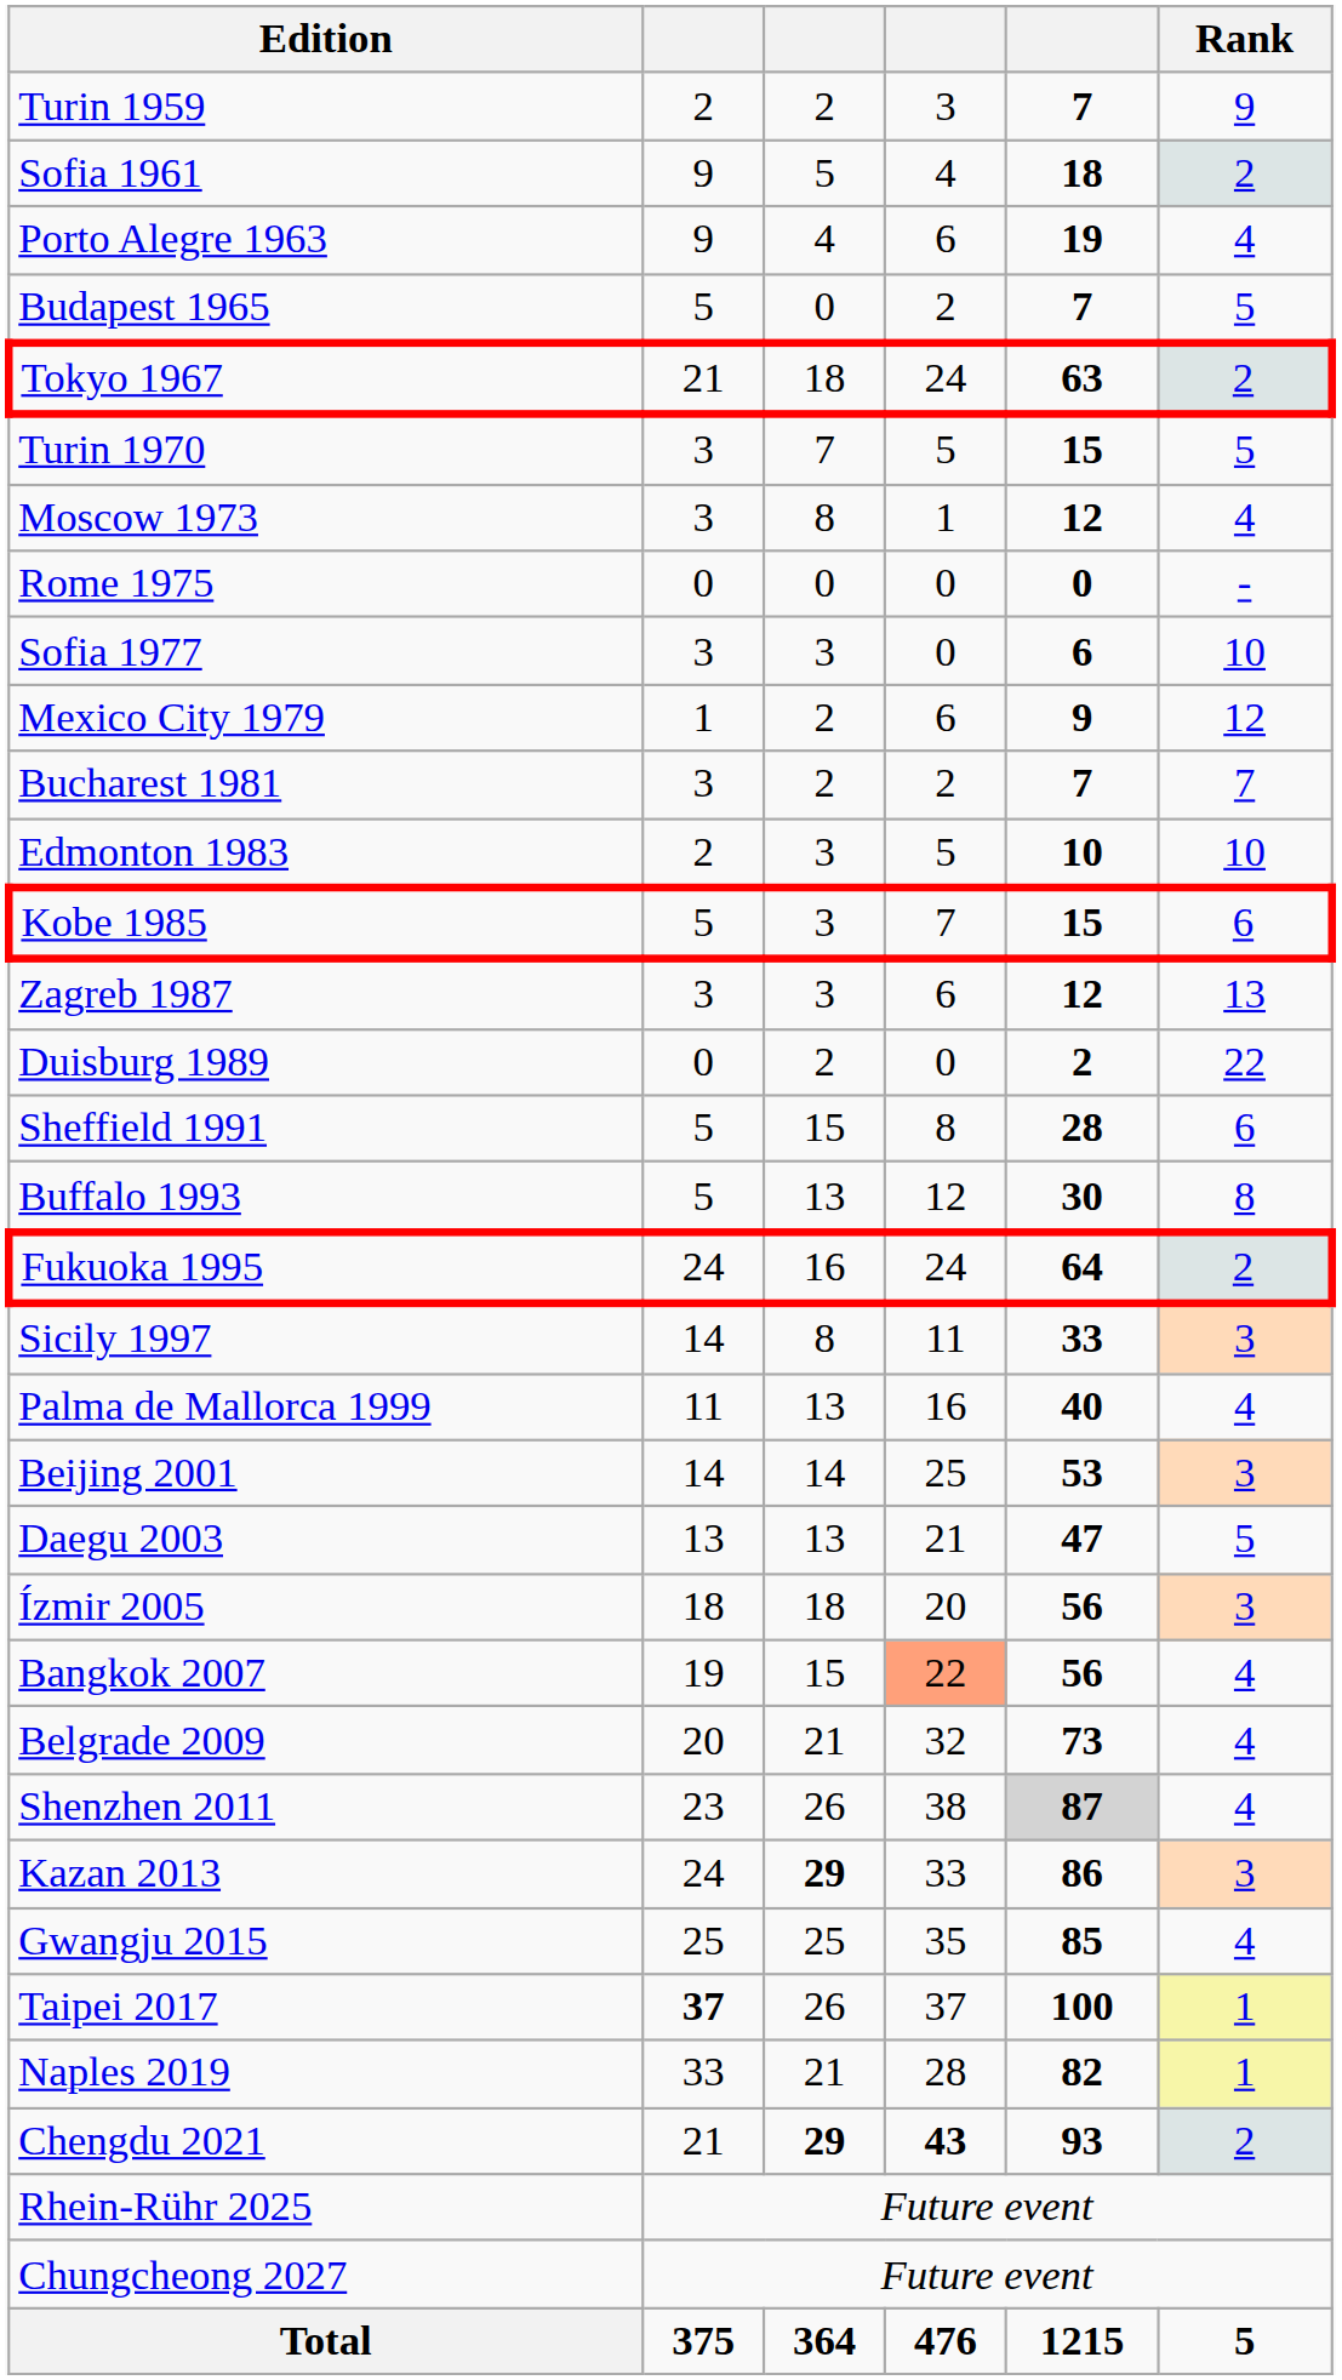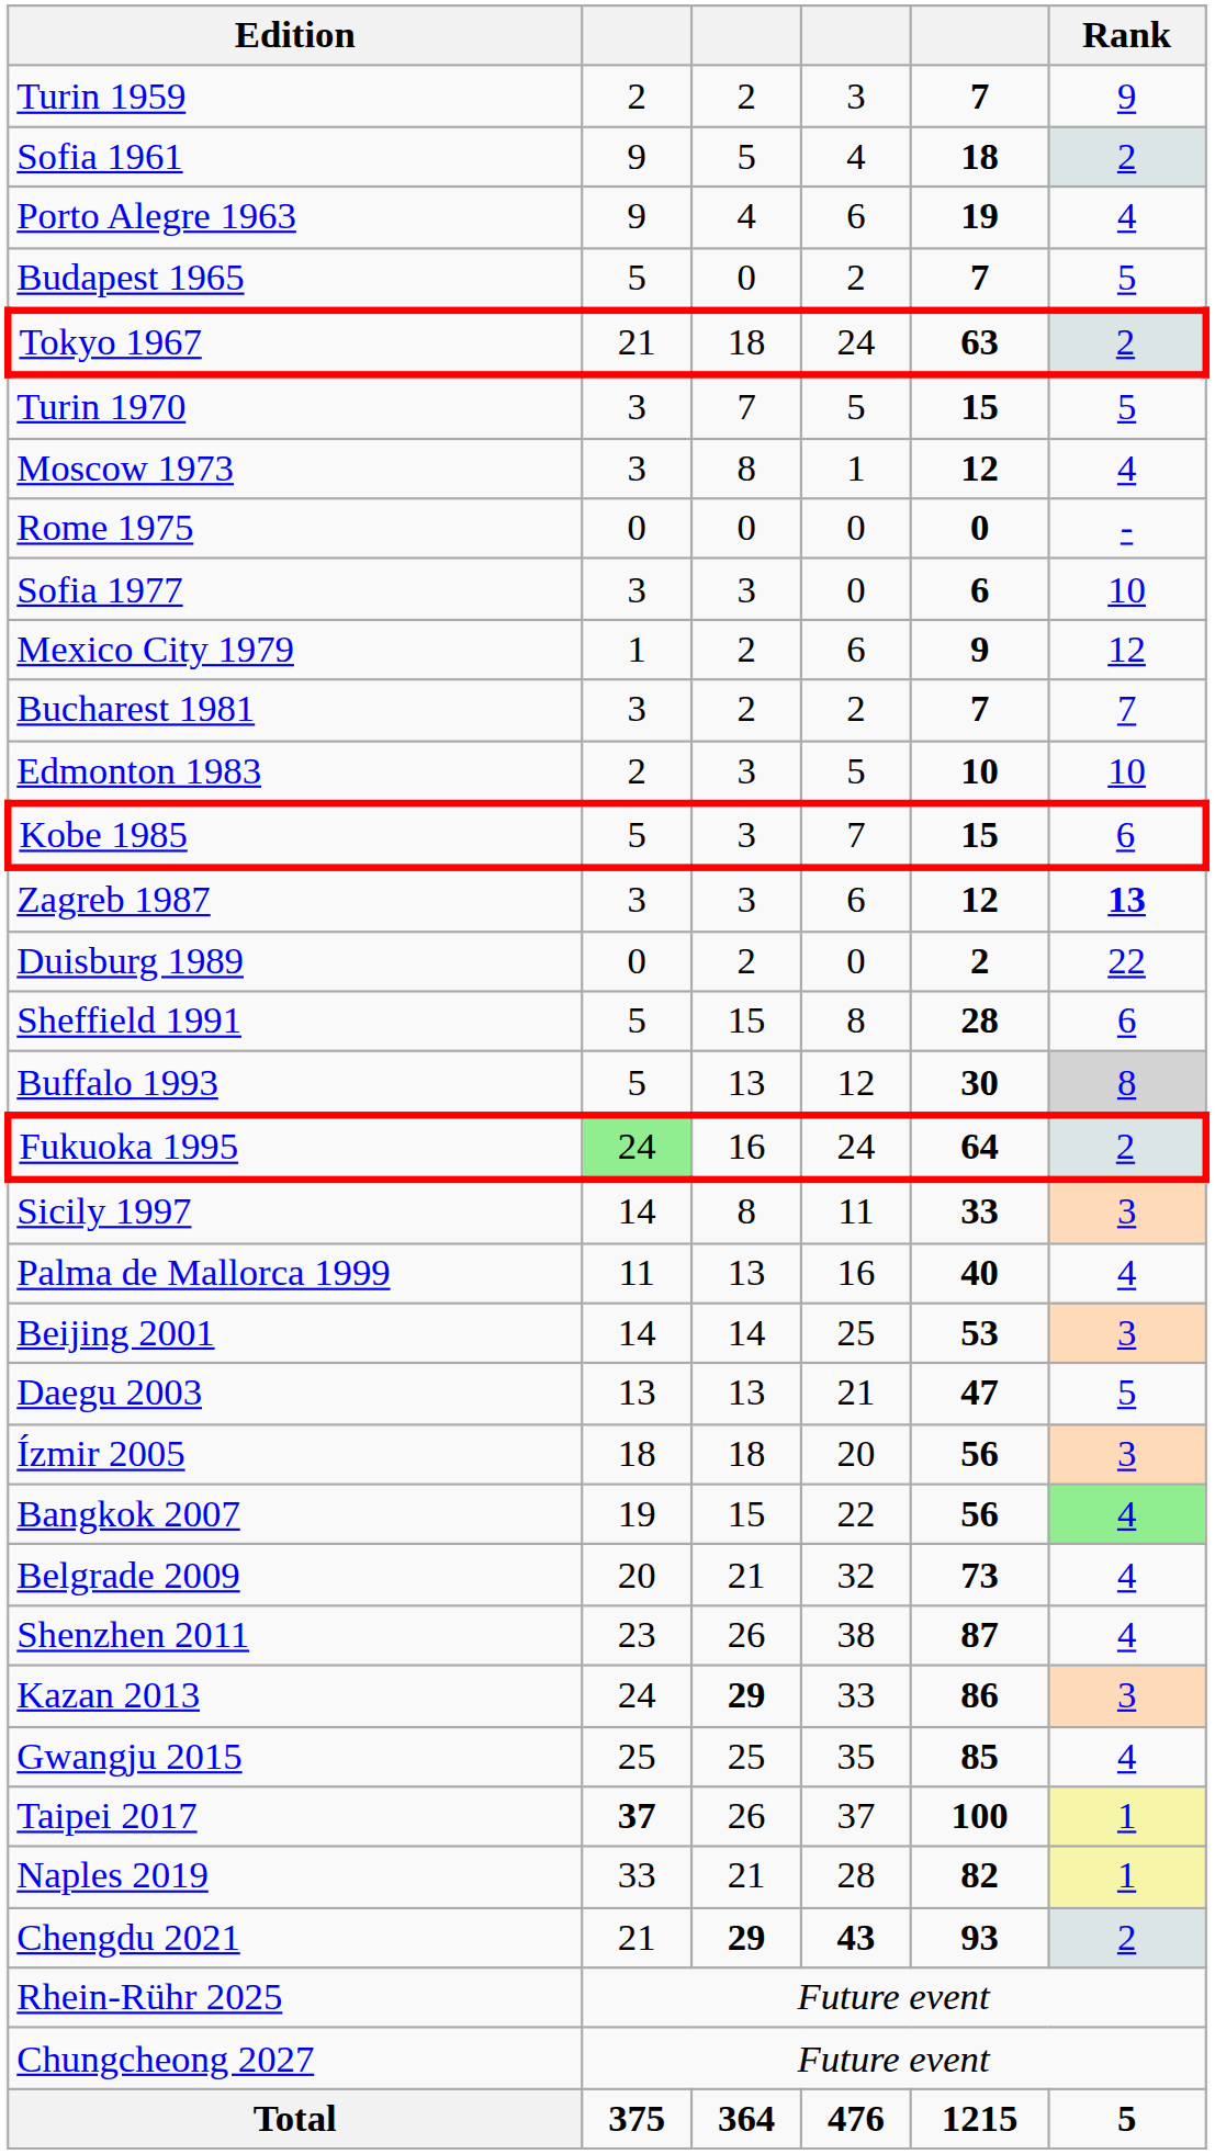 <table class="wikitable" width="40%" style="font-size:100%; text-align:center;">
 <tr>
 <th>Edition</th>
 <th></th>
 <th></th>
 <th></th>
 <th></th>
 <th>Rank</th>
 </tr>
 <tr>
 <td align="left"> <a href='#'>Turin 1959</a></td>
 <td>2</td>
 <td>2</td>
 <td>3</td>
 <td><strong>7</strong></td>
 <td><a href='#'>9</a></td>
 </tr>
 <tr>
 <td align="left"> <a href='#'>Sofia 1961</a></td>
 <td>9</td>
 <td>5</td>
 <td>4</td>
 <td><strong>18</strong></td>
 <td bgcolor=dce5e5><a href='#'>2</a></td>
 </tr>
 <tr>
 <td align="left"> <a href='#'>Porto Alegre 1963</a></td>
 <td>9</td>
 <td>4</td>
 <td>6</td>
 <td><strong>19</strong></td>
 <td><a href='#'>4</a></td>
 </tr>
 <tr>
 <td align="left"> <a href='#'>Budapest 1965</a></td>
 <td>5</td>
 <td>0</td>
 <td>2</td>
 <td><strong>7</strong></td>
 <td><a href='#'>5</a></td>
 </tr>
 <tr style="border: 3px solid red">
 <td align="left"> <a href='#'>Tokyo 1967</a></td>
 <td>21</td>
 <td>18</td>
 <td>24</td>
 <td><strong>63</strong></td>
 <td bgcolor=dce5e5><a href='#'>2</a></td>
 </tr>
 <tr>
 <td align="left"> <a href='#'>Turin 1970</a></td>
 <td>3</td>
 <td>7</td>
 <td>5</td>
 <td><strong>15</strong></td>
 <td><a href='#'>5</a></td>
 </tr>
 <tr>
 <td align="left"> <a href='#'>Moscow 1973</a></td>
 <td>3</td>
 <td>8</td>
 <td>1</td>
 <td><strong>12</strong></td>
 <td><a href='#'>4</a></td>
 </tr>
 <tr>
 <td align="left"> <a href='#'>Rome 1975</a></td>
 <td>0</td>
 <td>0</td>
 <td>0</td>
 <td><strong>0</strong></td>
 <td><a href='#'>-</a></td>
 </tr>
 <tr>
 <td align="left"> <a href='#'>Sofia 1977</a></td>
 <td>3</td>
 <td>3</td>
 <td>0</td>
 <td><strong>6</strong></td>
 <td><a href='#'>10</a></td>
 </tr>
 <tr>
 <td align="left"> <a href='#'>Mexico City 1979</a></td>
 <td>1</td>
 <td>2</td>
 <td>6</td>
 <td><strong>9</strong></td>
 <td><a href='#'>12</a></td>
 </tr>
 <tr>
 <td align="left"> <a href='#'>Bucharest 1981</a></td>
 <td>3</td>
 <td>2</td>
 <td>2</td>
 <td><strong>7</strong></td>
 <td><a href='#'>7</a></td>
 </tr>
 <tr>
 <td align="left"> <a href='#'>Edmonton 1983</a></td>
 <td>2</td>
 <td>3</td>
 <td>5</td>
 <td><strong>10</strong></td>
 <td><a href='#'>10</a></td>
 </tr>
 <tr style="border: 3px solid red">
 <td align="left"> <a href='#'>Kobe 1985</a></td>
 <td>5</td>
 <td>3</td>
 <td>7</td>
 <td><strong>15</strong></td>
 <td><a href='#'>6</a></td>
 </tr>
 <tr>
 <td align="left"> <a href='#'>Zagreb 1987</a></td>
 <td>3</td>
 <td>3</td>
 <td>6</td>
 <td><strong>12</strong></td>
-<td><a href='#'>13</a></td>
+<td><strong><a href='#'>13</a></strong></td>
 </tr>
 <tr>
 <td align="left"> <a href='#'>Duisburg 1989</a></td>
 <td>0</td>
 <td>2</td>
 <td>0</td>
 <td><strong>2</strong></td>
 <td><a href='#'>22</a></td>
 </tr>
 <tr>
 <td align="left"> <a href='#'>Sheffield 1991</a></td>
 <td>5</td>
 <td>15</td>
 <td>8</td>
 <td><strong>28</strong></td>
 <td><a href='#'>6</a></td>
 </tr>
 <tr>
 <td align="left"> <a href='#'>Buffalo 1993</a></td>
 <td>5</td>
 <td>13</td>
 <td>12</td>
 <td><strong>30</strong></td>
-<td><a href='#'>8</a></td>
+<td style="background: lightgrey;"><a href='#'>8</a></td>
 </tr>
 <tr style="border: 3px solid red">
 <td align="left"> <a href='#'>Fukuoka 1995</a></td>
-<td>24</td>
+<td style="background: lightgreen;">24</td>
 <td>16</td>
 <td>24</td>
 <td><strong>64</strong></td>
 <td bgcolor=dce5e5><a href='#'>2</a></td>
 </tr>
 <tr>
 <td align="left"> <a href='#'>Sicily 1997</a></td>
 <td>14</td>
 <td>8</td>
 <td>11</td>
 <td><strong>33</strong></td>
 <td bgcolor=ffdab9><a href='#'>3</a></td>
 </tr>
 <tr>
 <td align="left"> <a href='#'>Palma de Mallorca 1999</a></td>
 <td>11</td>
 <td>13</td>
 <td>16</td>
 <td><strong>40</strong></td>
 <td><a href='#'>4</a></td>
 </tr>
 <tr>
 <td align="left"> <a href='#'>Beijing 2001</a></td>
 <td>14</td>
 <td>14</td>
 <td>25</td>
 <td><strong>53</strong></td>
 <td bgcolor=ffdab9><a href='#'>3</a></td>
 </tr>
 <tr>
 <td align="left"> <a href='#'>Daegu 2003</a></td>
 <td>13</td>
 <td>13</td>
 <td>21</td>
 <td><strong>47</strong></td>
 <td><a href='#'>5</a></td>
 </tr>
 <tr>
 <td align="left"> <a href='#'>Ízmir 2005</a></td>
 <td>18</td>
 <td>18</td>
 <td>20</td>
 <td><strong>56</strong></td>
 <td bgcolor=ffdab9><a href='#'>3</a></td>
 </tr>
 <tr>
 <td align="left"> <a href='#'>Bangkok 2007</a></td>
 <td>19</td>
 <td>15</td>
-<td style="background: lightsalmon;">22</td>
+<td>22</td>
 <td><strong>56</strong></td>
-<td><a href='#'>4</a></td>
+<td style="background: lightgreen;"><a href='#'>4</a></td>
 </tr>
 <tr>
 <td align="left"> <a href='#'>Belgrade 2009</a></td>
 <td>20</td>
 <td>21</td>
 <td>32</td>
 <td><strong>73</strong></td>
 <td><a href='#'>4</a></td>
 </tr>
 <tr>
 <td align="left"> <a href='#'>Shenzhen 2011</a></td>
 <td>23</td>
 <td>26</td>
 <td>38</td>
-<td style="background: lightgrey;"><strong>87</strong></td>
+<td><strong>87</strong></td>
 <td><a href='#'>4</a></td>
 </tr>
 <tr>
 <td align="left"> <a href='#'>Kazan 2013</a></td>
 <td>24</td>
 <td><strong>29</strong></td>
 <td>33</td>
 <td><strong>86</strong></td>
 <td bgcolor=ffdab9><a href='#'>3</a></td>
 </tr>
 <tr>
 <td align="left"> <a href='#'>Gwangju 2015</a></td>
 <td>25</td>
 <td>25</td>
 <td>35</td>
 <td><strong>85</strong></td>
 <td><a href='#'>4</a></td>
 </tr>
 <tr>
 <td align="left"> <a href='#'>Taipei 2017</a></td>
 <td><strong>37</strong></td>
 <td>26</td>
 <td>37</td>
 <td><strong>100</strong></td>
 <td bgcolor=f7f6a8><a href='#'>1</a></td>
 </tr>
 <tr>
 <td align="left"> <a href='#'>Naples 2019</a></td>
 <td>33</td>
 <td>21</td>
 <td>28</td>
 <td><strong>82</strong></td>
 <td bgcolor=f7f6a8><a href='#'>1</a></td>
 </tr>
 <tr>
 <td align="left"> <a href='#'>Chengdu 2021</a></td>
 <td>21</td>
 <td><strong>29</strong></td>
 <td><strong>43</strong></td>
 <td><strong>93</strong></td>
 <td bgcolor=dce5e5><a href='#'>2</a></td>
 </tr>
 <tr>
 <td align="left"> <a href='#'>Rhein-Rühr 2025</a></td>
 <td colspan="5"><em>Future event</em></td>
 </tr>
 <tr>
 <td align="left"> <a href='#'>Chungcheong 2027</a></td>
 <td colspan="5"><em>Future event</em></td>
 </tr>
 <tr>
 <th><strong>Total</strong></th>
 <td><strong>375</strong></td>
 <td><strong>364</strong></td>
 <td><strong>476</strong></td>
 <td><strong>1215</strong></td>
 <td><strong>5</strong></td>
 </tr>
 </table>
